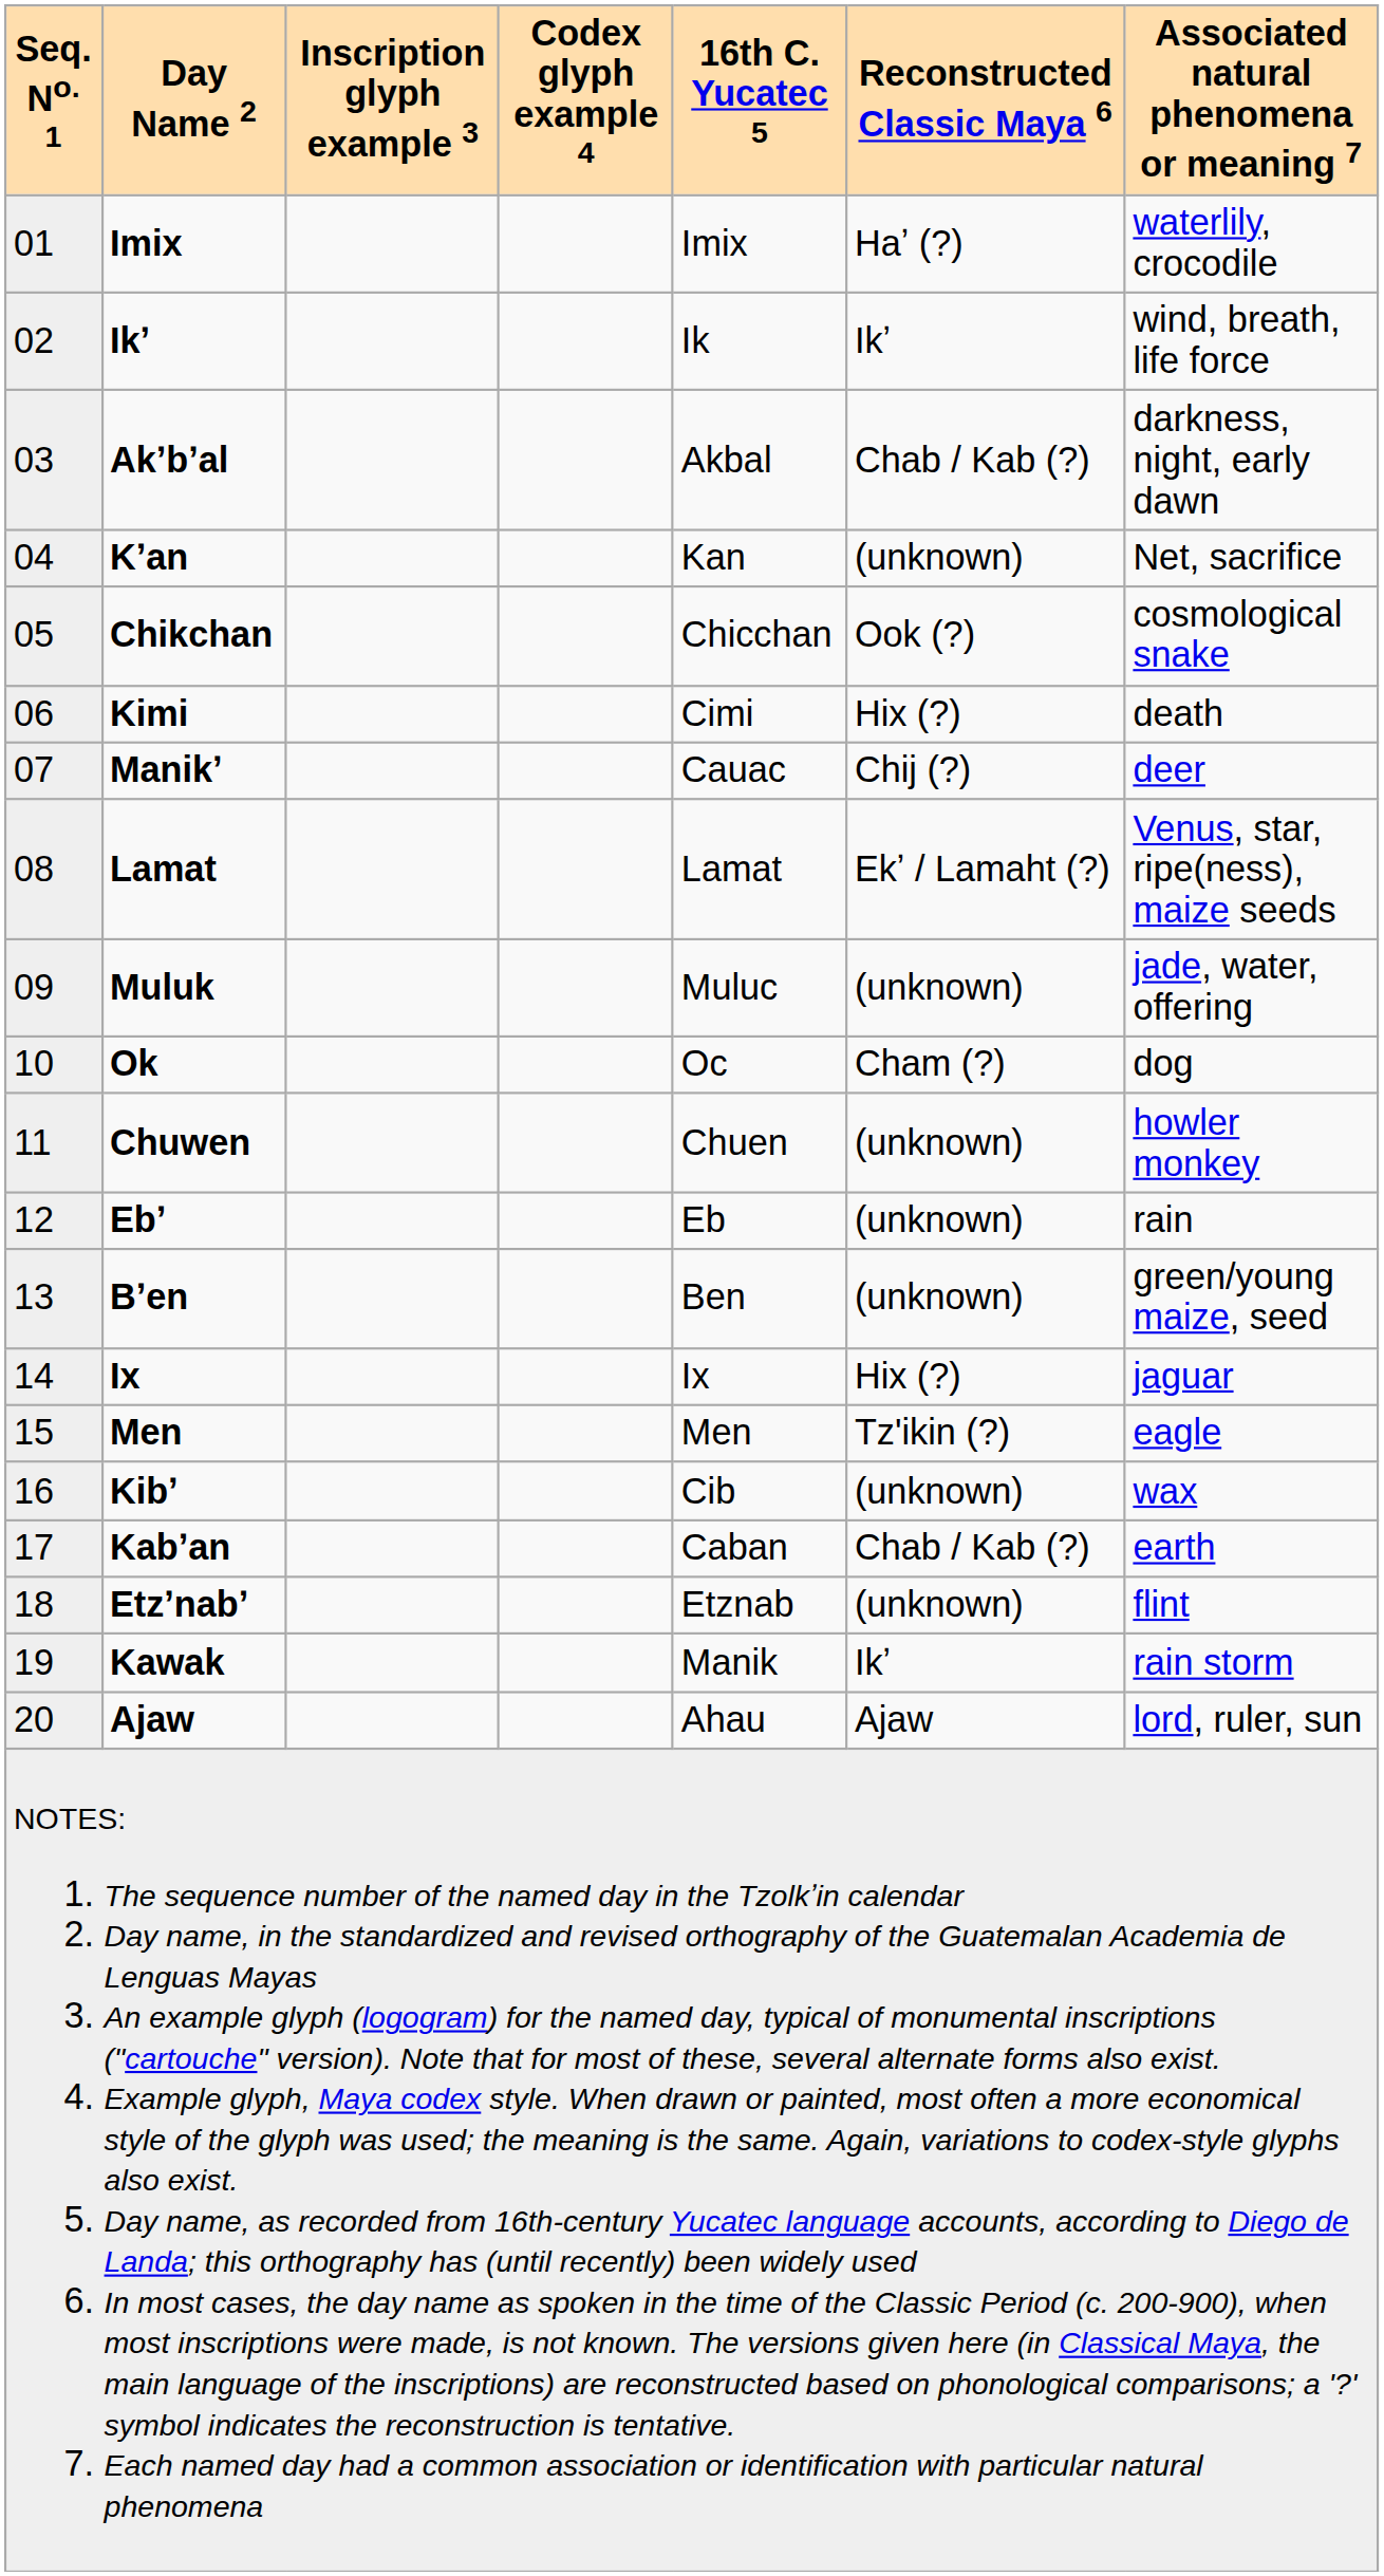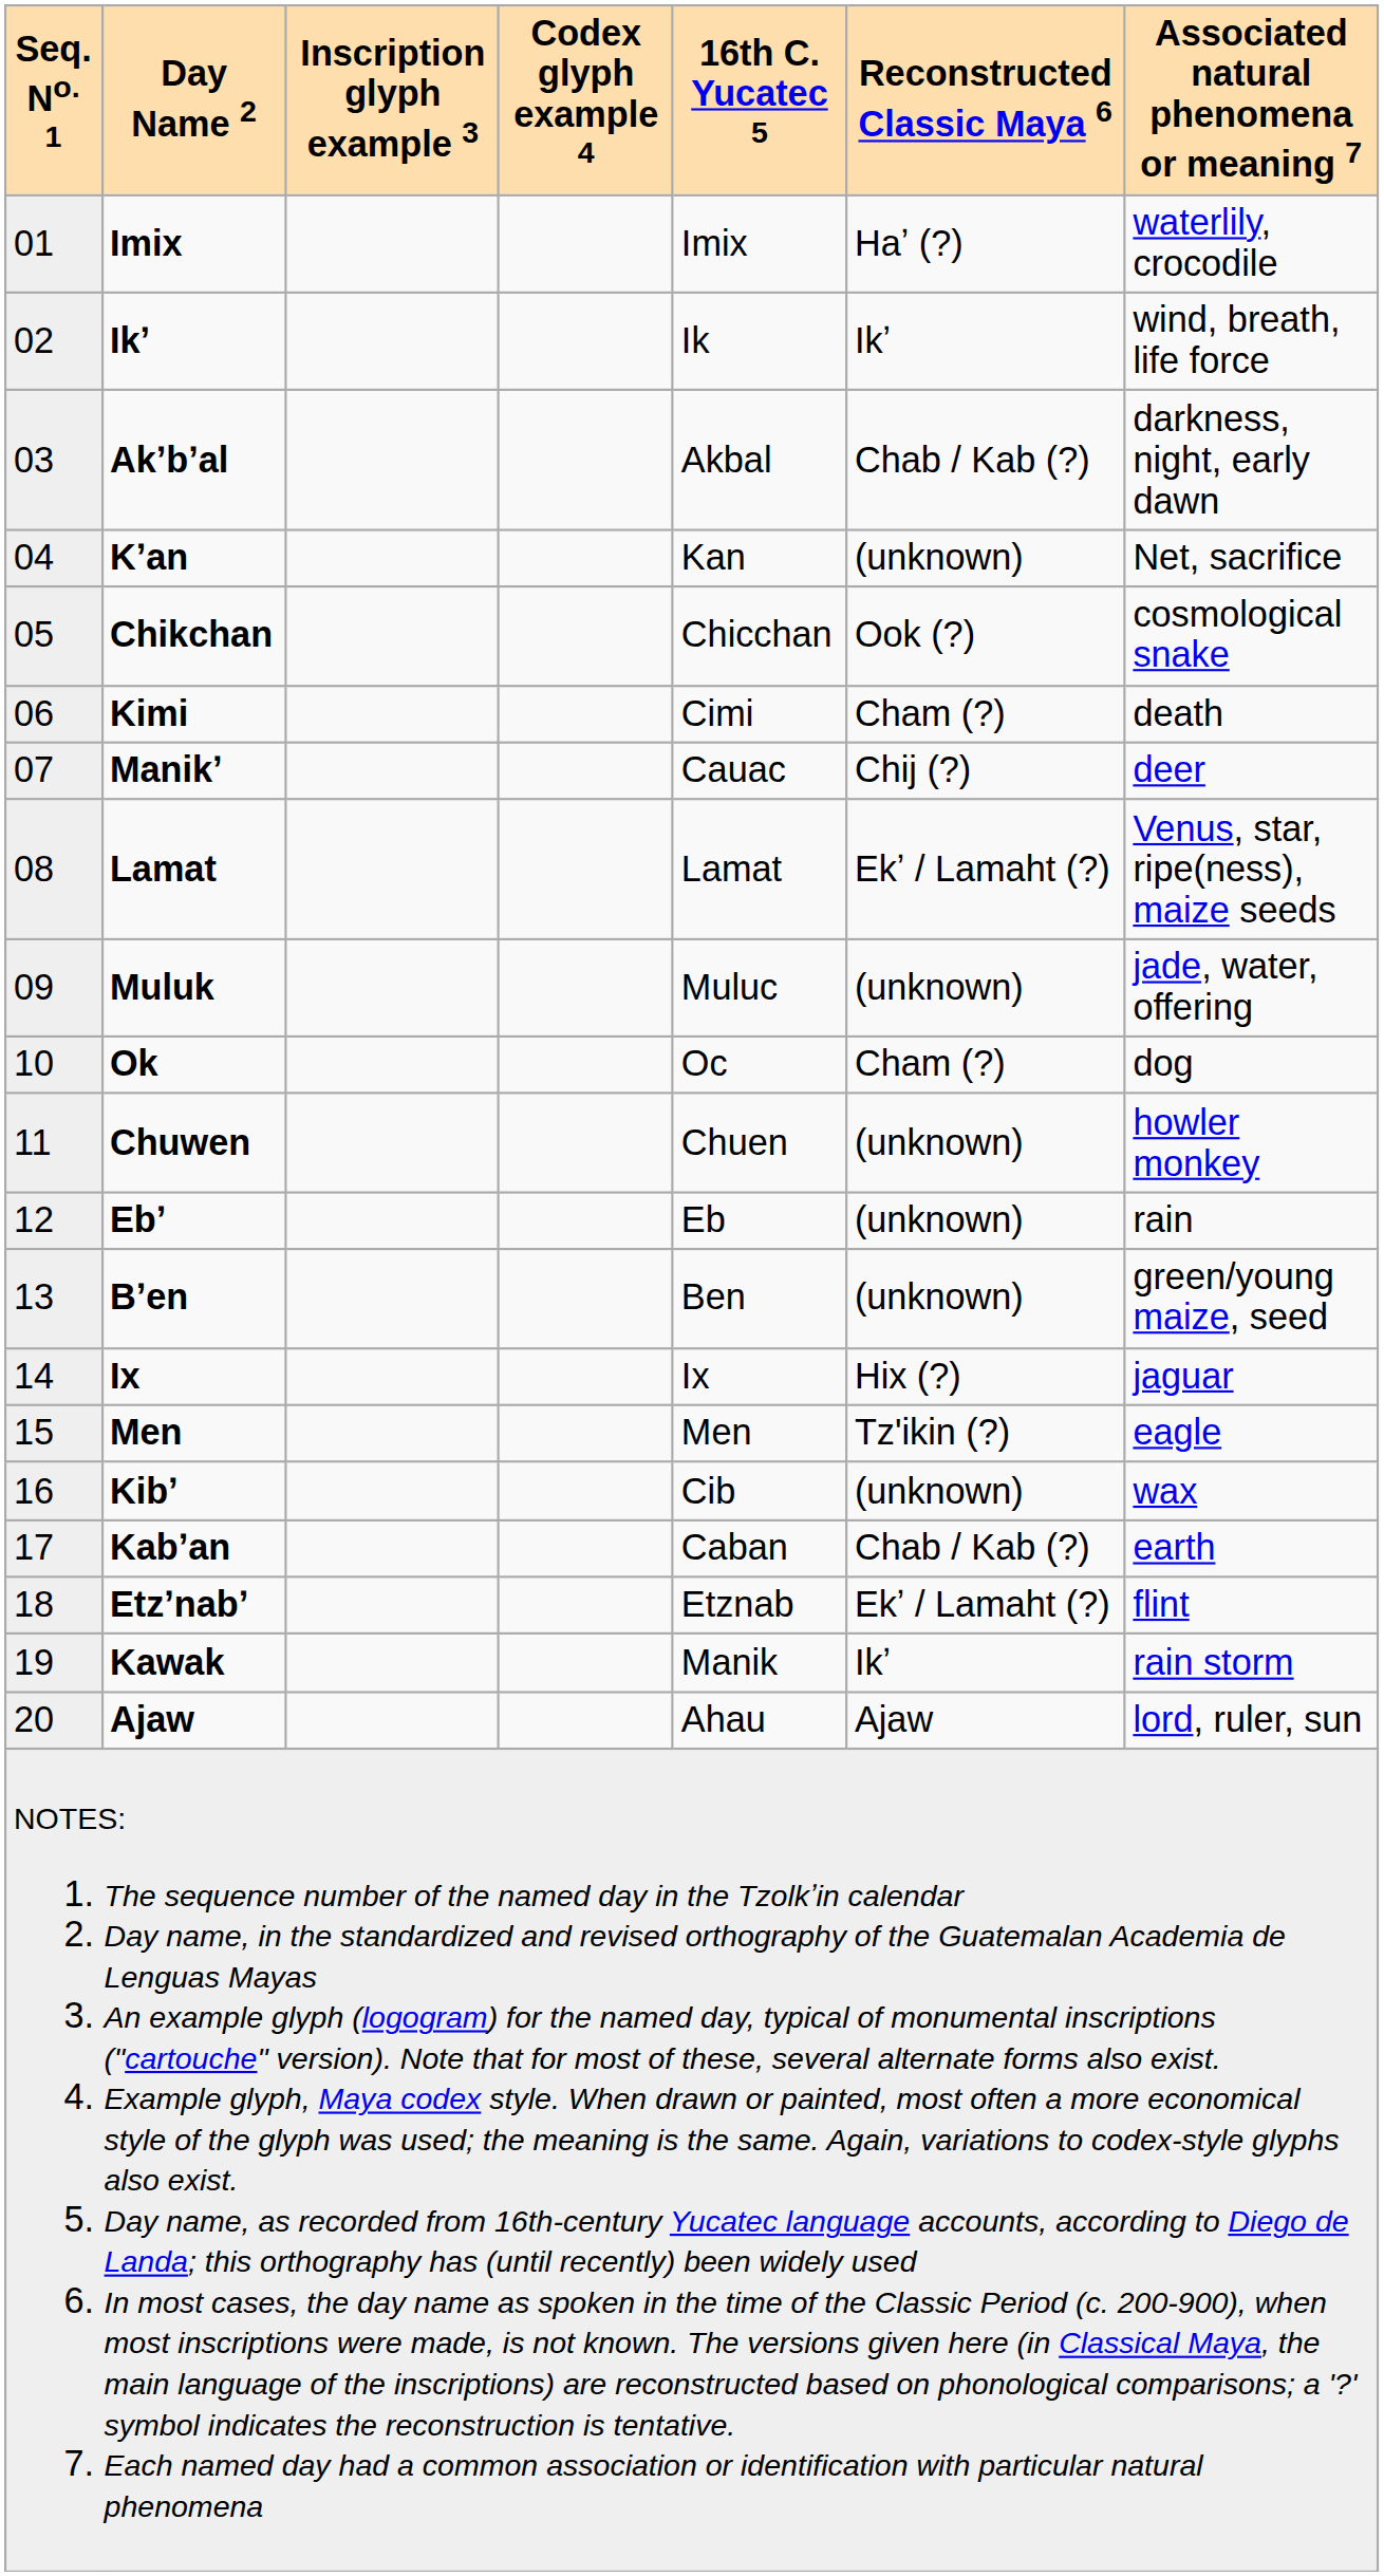 <table class="wikitable">
 <tr>
 <th style="background:#ffdead;">Seq. <br>N<sup>o.</sup> <sup>1</sup></th>
 <th style="background:#ffdead;">Day <br>Name <sup>2</sup></th>
 <th style="background:#ffdead;">Inscription <br> glyph example <sup>3</sup></th>
 <th style="background:#ffdead;">Codex <br> glyph example <sup>4</sup></th>
 <th style="background:#ffdead;">16th C. <br><a href='#'>Yucatec</a> <sup>5</sup></th>
 <th style="background:#ffdead;">Reconstructed <br><a href='#'>Classic Maya</a> <sup>6</sup></th>
 <th style="background:#ffdead;">Associated natural phenomena<br> or meaning <sup>7</sup></th>
 </tr>
 <tr>
 <td style="background:#efefef;">01</td>
 <td><strong>Imix</strong></td>
 <td></td>
 <td></td>
 <td>Imix</td>
 <td>Haʼ (?)</td>
 <td><a href='#'>waterlily</a>, crocodile</td>
 </tr>
 <tr>
 <td style="background:#efefef;">02</td>
 <td><strong>Ikʼ</strong></td>
 <td></td>
 <td></td>
 <td>Ik</td>
 <td>Ikʼ</td>
 <td>wind, breath, life force</td>
 </tr>
 <tr>
 <td style="background:#efefef;">03</td>
 <td><strong>Akʼbʼal</strong></td>
 <td></td>
 <td></td>
 <td>Akbal</td>
 <td>Chab / Kab (?)</td>
 <td>darkness, night, early dawn</td>
 </tr>
 <tr>
 <td style="background:#efefef;">04</td>
 <td><strong>Kʼan</strong></td>
 <td></td>
 <td></td>
 <td>Kan</td>
 <td>(unknown)</td>
 <td>Net, sacrifice</td>
 </tr>
 <tr>
 <td style="background:#efefef;">05</td>
 <td><strong>Chikchan</strong></td>
 <td></td>
 <td></td>
 <td>Chicchan</td>
 <td>Ook (?)</td>
 <td>cosmological <a href='#'>snake</a></td>
 </tr>
 <tr>
 <td style="background:#efefef;">06</td>
 <td><strong>Kimi</strong></td>
 <td></td>
 <td></td>
 <td>Cimi</td>
-<td>Hix (?)</td>
+<td>Cham (?)</td>
 <td>death</td>
 </tr>
 <tr>
 <td style="background:#efefef;">07</td>
 <td><strong>Manikʼ</strong></td>
 <td></td>
 <td></td>
 <td>Cauac</td>
 <td>Chij (?)</td>
 <td><a href='#'>deer</a></td>
 </tr>
 <tr>
 <td style="background:#efefef;">08</td>
 <td><strong>Lamat</strong></td>
 <td></td>
 <td></td>
 <td>Lamat</td>
 <td>Ekʼ / Lamaht (?)</td>
 <td><a href='#'>Venus</a>, star, ripe(ness), <a href='#'>maize</a> seeds</td>
 </tr>
 <tr>
 <td style="background:#efefef;">09</td>
 <td><strong>Muluk</strong></td>
 <td></td>
 <td></td>
 <td>Muluc</td>
 <td>(unknown)</td>
 <td><a href='#'>jade</a>, water, offering</td>
 </tr>
 <tr>
 <td style="background:#efefef;">10</td>
 <td><strong>Ok</strong></td>
 <td></td>
 <td></td>
 <td>Oc</td>
 <td>Cham (?)</td>
 <td>dog</td>
 </tr>
 <tr>
 <td style="background:#efefef;">11</td>
 <td><strong>Chuwen</strong></td>
 <td></td>
 <td></td>
 <td>Chuen</td>
 <td>(unknown)</td>
 <td><a href='#'>howler monkey</a></td>
 </tr>
 <tr>
 <td style="background:#efefef;">12</td>
 <td><strong>Ebʼ</strong></td>
 <td></td>
 <td></td>
 <td>Eb</td>
 <td>(unknown)</td>
 <td>rain</td>
 </tr>
 <tr>
 <td style="background:#efefef;">13</td>
 <td><strong>Bʼen</strong></td>
 <td></td>
 <td></td>
 <td>Ben</td>
 <td>(unknown)</td>
 <td>green/young <a href='#'>maize</a>, seed</td>
 </tr>
 <tr>
 <td style="background:#efefef;">14</td>
 <td><strong>Ix</strong></td>
 <td></td>
 <td></td>
 <td>Ix</td>
 <td>Hix (?)</td>
 <td><a href='#'>jaguar</a></td>
 </tr>
 <tr>
 <td style="background:#efefef;">15</td>
 <td><strong>Men</strong></td>
 <td></td>
 <td></td>
 <td>Men</td>
 <td>Tz'ikin (?)</td>
 <td><a href='#'>eagle</a></td>
 </tr>
 <tr>
 <td style="background:#efefef;">16</td>
 <td><strong>Kibʼ</strong></td>
 <td></td>
 <td></td>
 <td>Cib</td>
 <td>(unknown)</td>
 <td><a href='#'>wax</a></td>
 </tr>
 <tr>
 <td style="background:#efefef;">17</td>
 <td><strong>Kabʼan</strong></td>
 <td></td>
 <td></td>
 <td>Caban</td>
 <td>Chab / Kab (?)</td>
 <td><a href='#'>earth</a></td>
 </tr>
 <tr>
 <td style="background:#efefef;">18</td>
 <td><strong>Etzʼnabʼ</strong></td>
 <td></td>
 <td></td>
 <td>Etznab</td>
-<td>(unknown)</td>
+<td>Ekʼ / Lamaht (?)</td>
 <td><a href='#'>flint</a></td>
 </tr>
 <tr>
 <td style="background:#efefef;">19</td>
 <td><strong>Kawak</strong></td>
 <td></td>
 <td></td>
 <td>Manik</td>
 <td>Ikʼ</td>
 <td><a href='#'>rain storm</a></td>
 </tr>
 <tr>
 <td style="background:#efefef;">20</td>
 <td><strong>Ajaw</strong></td>
 <td></td>
 <td></td>
 <td>Ahau</td>
 <td>Ajaw</td>
 <td><a href='#'>lord</a>, ruler, sun</td>
 </tr>
 <tr>
 <td style="background:#efefef;" colspan=7><br><small>NOTES:</small><ol><li><small><em>The sequence number of the named day in the Tzolkʼin calendar</em></small></li><li><small><em>Day name, in the standardized and revised orthography of the Guatemalan Academia de Lenguas Mayas</em></small></li><li><small><em>An example glyph (<a href='#'>logogram</a>) for the named day, typical of monumental inscriptions ("<a href='#'>cartouche</a>" version). Note that for most of these, several alternate forms also exist.</em></small></li><li><small><em>Example glyph, <a href='#'>Maya codex</a> style. When drawn or painted, most often a more economical style of the glyph was used; the meaning is the same. Again, variations to codex-style glyphs also exist.</em></small></li><li><small><em>Day name, as recorded from 16th-century <a href='#'>Yucatec language</a> accounts, according to <a href='#'>Diego de Landa</a>; this orthography has (until recently) been widely used</em></small></li><li><small><em>In most cases, the day name as spoken in the time of the Classic Period (c. 200-900), when most inscriptions were made, is not known. The versions given here (in <a href='#'>Classical Maya</a>, the main language of the inscriptions) are reconstructed based on phonological comparisons; a '?' symbol indicates the reconstruction is tentative.</em></small></li><li><small><em>Each named day had a common association or identification with particular natural phenomena</em></small></li></ol></td>
 </tr>
 <tr>
 </tr>
 </table>
